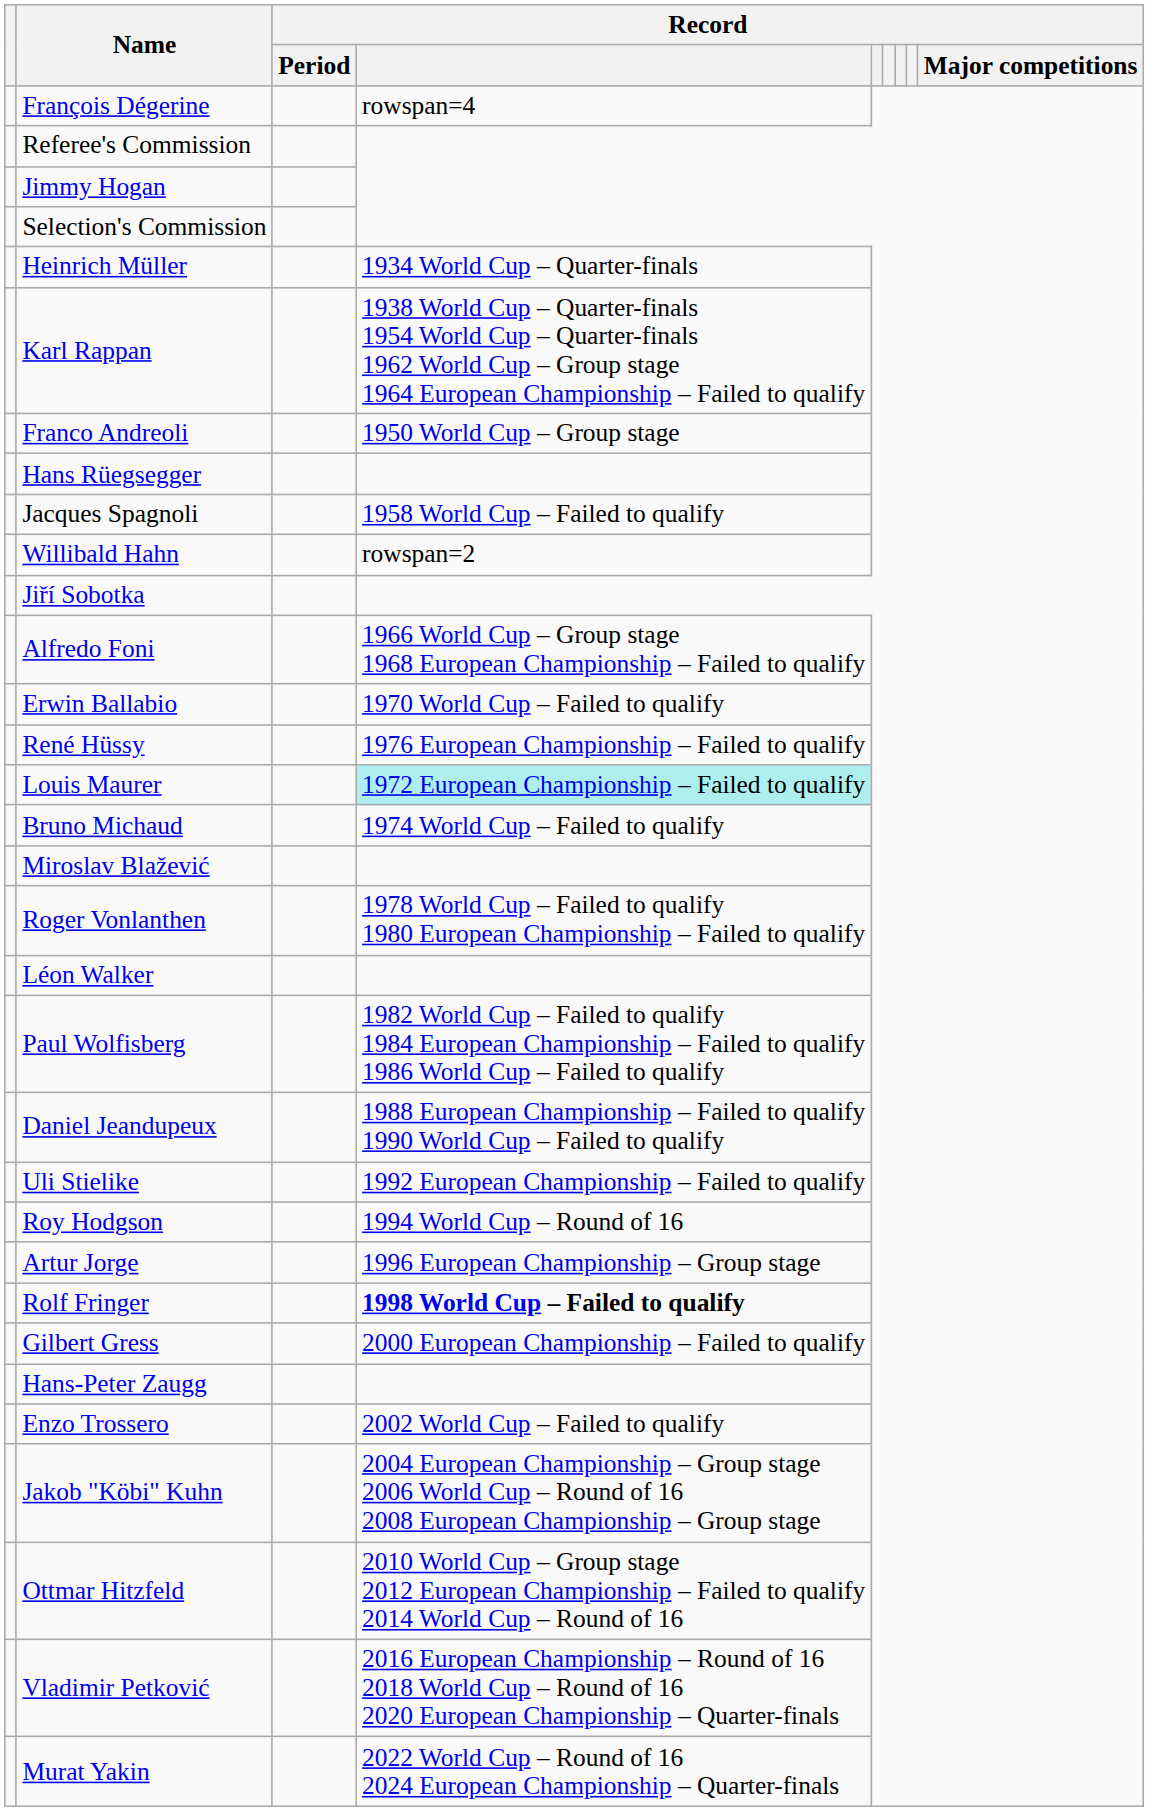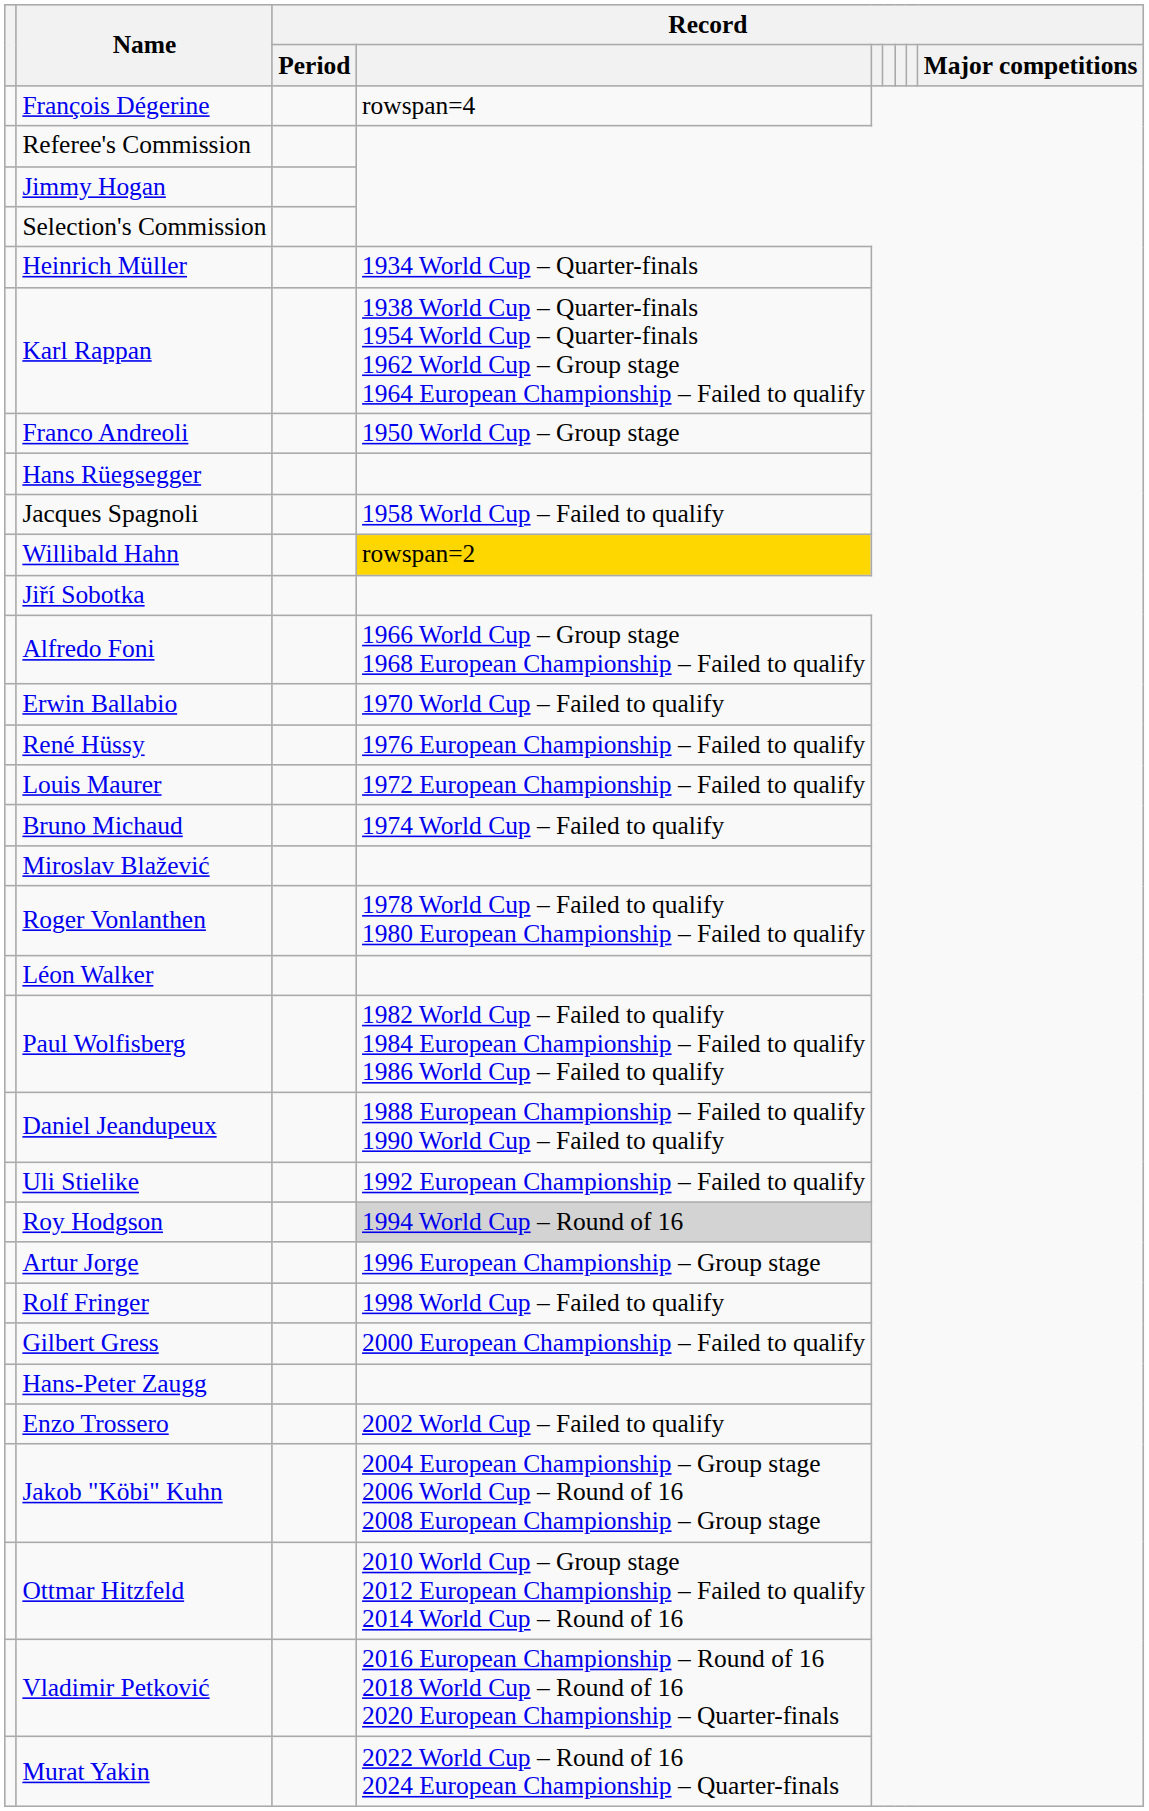 <table class="wikitable collapsible collapsed" style="text-align:left">
 <tr>
 <th rowspan=2></th>
 <th rowspan=2>Name</th>
 <th colspan=7>Record</th>
 </tr>
 <tr>
 <th>Period</th>
 <th></th>
 <th></th>
 <th></th>
 <th></th>
 <th></th>
 <th scope="col">Major competitions</th>
 </tr>
 <tr>
 <td align=center></td>
 <td><a href='#'>François Dégerine</a></td>
 <td 1908 – 1909></td>
 <td>rowspan=4 </td>
 </tr>
 <tr>
 <td align=center></td>
 <td>Referee's Commission</td>
 <td 1910 – 1924></td>
 </tr>
 <tr>
 <td align=center></td>
 <td><a href='#'>Jimmy Hogan</a></td>
 <td 1924></td>
 </tr>
 <tr>
 <td align=center></td>
 <td>Selection's Commission</td>
 <td 14 December 1924 – 25 March 1934></td>
 </tr>
 <tr>
 <td align=center></td>
 <td><a href='#'>Heinrich Müller</a></td>
 <td 1934></td>
 <td style="text-align: left;"> <a href='#'>1934 World Cup</a> – Quarter-finals</td>
 </tr>
 <tr>
 <td align=center></td>
 <td><a href='#'>Karl Rappan</a></td>
 <td 19 September 1937 – 12 June 1938></td>
 <td style="text-align: left;"> <a href='#'>1938 World Cup</a> – Quarter-finals<br> <a href='#'>1954 World Cup</a> – Quarter-finals<br> <a href='#'>1962 World Cup</a> – Group stage<br> <a href='#'>1964 European Championship</a> – Failed to qualify</td>
 </tr>
 <tr>
 <td align=center></td>
 <td><a href='#'>Franco Andreoli</a></td>
 <td 19 March 1950 – 22 November 1950></td>
 <td style="text-align: left;"> <a href='#'>1950 World Cup</a> – Group stage</td>
 </tr>
 <tr>
 <td align=center></td>
 <td><a href='#'>Hans Rüegsegger</a></td>
 <td 19 September 1954 – 10 October 1954></td>
 <td></td>
 </tr>
 <tr>
 <td align=center></td>
 <td>Jacques Spagnoli</td>
 <td 1 May 1955 – 26 May 1958></td>
 <td style="text-align: left;"> <a href='#'>1958 World Cup</a> – Failed to qualify</td>
 </tr>
 <tr>
 <td align=center></td>
 <td><a href='#'>Willibald Hahn</a></td>
 <td 20 September 1958 – 25 October 1959></td>
-<td>rowspan=2 </td>
+<td style="background: gold;">rowspan=2 </td>
 </tr>
 <tr>
 <td align=center> </td>
 <td><a href='#'>Jiří Sobotka</a></td>
 <td 15 April 1964 – 10 May 1964></td>
 </tr>
 <tr>
 <td align=center></td>
 <td><a href='#'>Alfredo Foni</a></td>
 <td 1 July 1964 – 5 January 1967></td>
 <td style="text-align: left;"> <a href='#'>1966 World Cup</a> – Group stage<br> <a href='#'>1968 European Championship</a> – Failed to qualify</td>
 </tr>
 <tr>
 <td align=center></td>
 <td><a href='#'>Erwin Ballabio</a></td>
 <td 14 February 1968 – 3 November 1969></td>
 <td style="text-align: left;"> <a href='#'>1970 World Cup</a> – Failed to qualify</td>
 </tr>
 <tr>
 <td align=center></td>
 <td><a href='#'>René Hüssy</a></td>
 <td 22 April 1970 – 3 May 1970></td>
 <td style="text-align: left;"> <a href='#'>1976 European Championship</a> – Failed to qualify</td>
 </tr>
 <tr>
 <td align=center></td>
 <td><a href='#'>Louis Maurer</a></td>
 <td 1 July 1970 – 30 June 1972></td>
-<td style="background: paleturquoise; text-align: left;"> <a href='#'>1972 European Championship</a> – Failed to qualify</td>
+<td style="text-align: left;"> <a href='#'>1972 European Championship</a> – Failed to qualify</td>
 </tr>
 <tr>
 <td align=center></td>
 <td><a href='#'>Bruno Michaud</a></td>
 <td 26 April 1972 – 9 May 1973></td>
 <td style="text-align: left;"> <a href='#'>1974 World Cup</a> – Failed to qualify</td>
 </tr>
 <tr>
 <td align=center></td>
 <td><a href='#'>Miroslav Blažević</a></td>
 <td 22 September 1976 – 9 October 1976></td>
 <td></td>
 </tr>
 <tr>
 <td align=center></td>
 <td><a href='#'>Roger Vonlanthen</a></td>
 <td 28 February 1977 – 28 March 1979></td>
 <td style="text-align: left;"> <a href='#'>1978 World Cup</a> – Failed to qualify<br> <a href='#'>1980 European Championship</a> – Failed to qualify</td>
 </tr>
 <tr>
 <td align=center></td>
 <td><a href='#'>Léon Walker</a></td>
 <td 5 May 1979 – 21 December 1980></td>
 <td></td>
 </tr>
 <tr>
 <td align=center></td>
 <td><a href='#'>Paul Wolfisberg</a></td>
 <td 1 January 1981 – 31 December 1985></td>
 <td style="text-align: left;"> <a href='#'>1982 World Cup</a> – Failed to qualify<br> <a href='#'>1984 European Championship</a> – Failed to qualify<br> <a href='#'>1986 World Cup</a> – Failed to qualify</td>
 </tr>
 <tr>
 <td align=center> </td>
 <td><a href='#'>Daniel Jeandupeux</a></td>
 <td 12 March 1986 – 26 April 1989></td>
 <td style="text-align: left;"> <a href='#'>1988 European Championship</a> – Failed to qualify<br> <a href='#'>1990 World Cup</a> – Failed to qualify</td>
 </tr>
 <tr>
 <td align=center></td>
 <td><a href='#'>Uli Stielike</a></td>
 <td 1 July 1989 – 31 December 1991></td>
 <td style="text-align: left;"> <a href='#'>1992 European Championship</a> – Failed to qualify</td>
 </tr>
 <tr>
 <td align=center></td>
 <td><a href='#'>Roy Hodgson</a></td>
 <td 1 July 1992 – 30 November 1995></td>
-<td style="text-align: left;"> <a href='#'>1994 World Cup</a> – Round of 16</td>
+<td style="background: lightgrey; text-align: left;"> <a href='#'>1994 World Cup</a> – Round of 16</td>
 </tr>
 <tr>
 <td align=center></td>
 <td><a href='#'>Artur Jorge</a></td>
 <td 13 March 1996 – 18 June 1996></td>
 <td style="text-align: left;"> <a href='#'>1996 European Championship</a> – Group stage</td>
 </tr>
 <tr>
 <td align=center> </td>
 <td><a href='#'>Rolf Fringer</a></td>
 <td 15 August 1996 – 14 October 1997></td>
-<td style="text-align: left;"><strong> <a href='#'>1998 World Cup</a> – Failed to qualify</strong></td>
+<td style="text-align: left;"> <a href='#'>1998 World Cup</a> – Failed to qualify</td>
 </tr>
 <tr>
 <td align=center> </td>
 <td><a href='#'>Gilbert Gress</a></td>
 <td 1 July 1998 – 31 December 1999></td>
 <td style="text-align: left;"> <a href='#'>2000 European Championship</a> – Failed to qualify</td>
 </tr>
 <tr>
 <td align=center></td>
 <td><a href='#'>Hans-Peter Zaugg</a></td>
 <td 19 February 2000 – 26 April 2000></td>
 <td></td>
 </tr>
 <tr>
 <td align=center></td>
 <td><a href='#'>Enzo Trossero</a></td>
 <td 14 July 2000 – 8 June 2001></td>
 <td style="text-align: left;"> <a href='#'>2002 World Cup</a> – Failed to qualify</td>
 </tr>
 <tr>
 <td align=center></td>
 <td><a href='#'>Jakob "Köbi" Kuhn</a></td>
 <td 11 September 2001 – 30 June 2008></td>
 <td style="text-align: left;"> <a href='#'>2004 European Championship</a> – Group stage<br> <a href='#'>2006 World Cup</a> – Round of 16<br> <a href='#'>2008 European Championship</a> – Group stage</td>
 </tr>
 <tr>
 <td align=center></td>
 <td><a href='#'>Ottmar Hitzfeld</a></td>
 <td 1 July 2008 – 1 July 2014></td>
 <td style="text-align: left;"> <a href='#'>2010 World Cup</a> – Group stage<br> <a href='#'>2012 European Championship</a> – Failed to qualify<br> <a href='#'>2014 World Cup</a> – Round of 16</td>
 </tr>
 <tr>
 <td align=center> </td>
 <td><a href='#'>Vladimir Petković</a></td>
 <td 1 August 2014 – 27 July 2021></td>
 <td style="text-align: left;"> <a href='#'>2016 European Championship</a> – Round of 16<br> <a href='#'>2018 World Cup</a> – Round of 16<br> <a href='#'>2020 European Championship</a> – Quarter-finals</td>
 </tr>
 <tr>
 <td align=center></td>
 <td><a href='#'>Murat Yakin</a></td>
 <td 9 August 2021 – present></td>
 <td style="text-align: left;"> <a href='#'>2022 World Cup</a> – Round of 16<br> <a href='#'>2024 European Championship</a> – Quarter-finals</td>
 </tr>
 </table>
